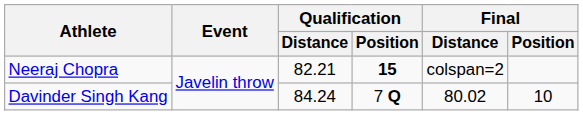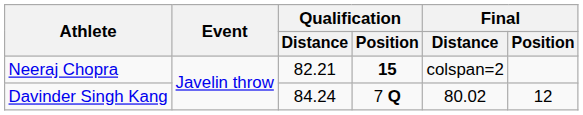 <table class=wikitable style="font-size:90%">
 <tr>
 <th rowspan="2">Athlete</th>
 <th rowspan="2">Event</th>
 <th colspan="2">Qualification</th>
 <th colspan="2">Final</th>
 </tr>
 <tr style="font-size:95%">
 <th>Distance</th>
 <th>Position</th>
 <th>Distance</th>
 <th>Position</th>
 </tr>
 <tr style=text-align:center>
 <td style=text-align:left><a href='#'>Neeraj Chopra</a></td>
 <td style=text-align:left rowspan=2><a href='#'>Javelin throw</a></td>
 <td>82.21</td>
 <td><strong>15</strong></td>
 <td>colspan=2 </td>
 </tr>
 <tr style=text-align:center>
 <td style=text-align:left><a href='#'>Davinder Singh Kang</a></td>
 <td>84.24</td>
 <td>7 <strong>Q</strong></td>
 <td>80.02</td>
-<td>10</td>
+<td>12</td>
 </tr>
 </table>
